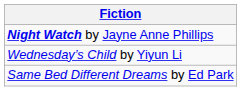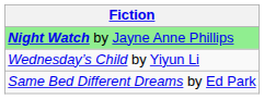 <table class="wikitable" style="float:left; float:none;">
 <tr>
 <th><a href='#'>Fiction</a></th>
 </tr>
 <tr>
-<td><strong><em><a href='#'>Night Watch</a></em></strong> by <a href='#'>Jayne Anne Phillips</a></td>
+<td style="background: lightgreen;"><strong><em><a href='#'>Night Watch</a></em></strong> by <a href='#'>Jayne Anne Phillips</a></td>
 </tr>
 <tr>
 <td><em><a href='#'>Wednesday’s Child</a></em> by <a href='#'>Yiyun Li</a></td>
 </tr>
 <tr>
 <td><em><a href='#'>Same Bed Different Dreams</a></em> by <a href='#'>Ed Park</a></td>
 </tr>
 </table>
